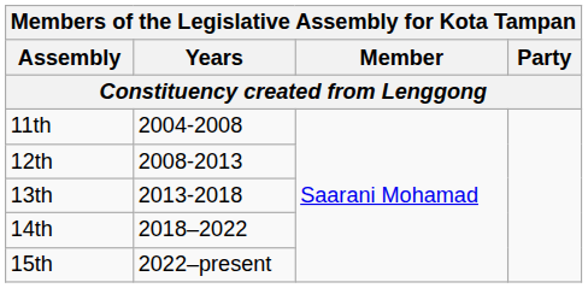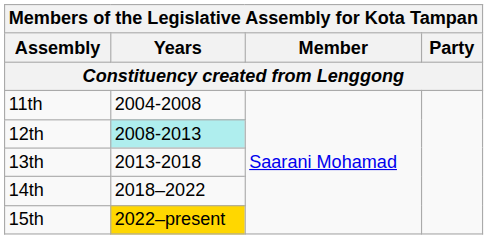 <table class=wikitable>
 <tr>
 <th colspan=4>Members of the Legislative Assembly for Kota Tampan</th>
 </tr>
 <tr>
 <th>Assembly</th>
 <th>Years</th>
 <th>Member</th>
 <th>Party</th>
 </tr>
 <tr>
 <th colspan=4 align=center><em>Constituency created from Lenggong</em></th>
 </tr>
 <tr>
 <td>11th</td>
 <td>2004-2008</td>
 <td rowspan="5"><a href='#'>Saarani Mohamad</a></td>
 <td rowspan="5"></td>
 </tr>
 <tr>
 <td>12th</td>
-<td>2008-2013</td>
+<td style="background: paleturquoise;">2008-2013</td>
 </tr>
 <tr>
 <td>13th</td>
 <td>2013-2018</td>
 </tr>
 <tr>
 <td>14th</td>
 <td>2018–2022</td>
 </tr>
 <tr>
 <td>15th</td>
-<td>2022–present</td>
+<td style="background: gold;">2022–present</td>
 </tr>
 </table>
